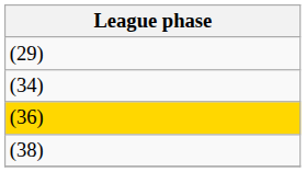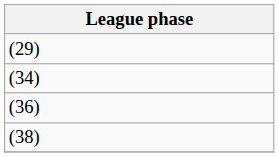 <table class="wikitable">
 <tr>
 <th width=225>League phase</th>
 </tr>
 <tr>
 <td> (29)</td>
 </tr>
 <tr>
 <td> (34)</td>
 </tr>
 <tr>
-<td style="background: gold;"> (36)</td>
+<td> (36)</td>
 </tr>
 <tr>
 <td> (38)</td>
 </tr>
 <tr>
 </tr>
 </table>
